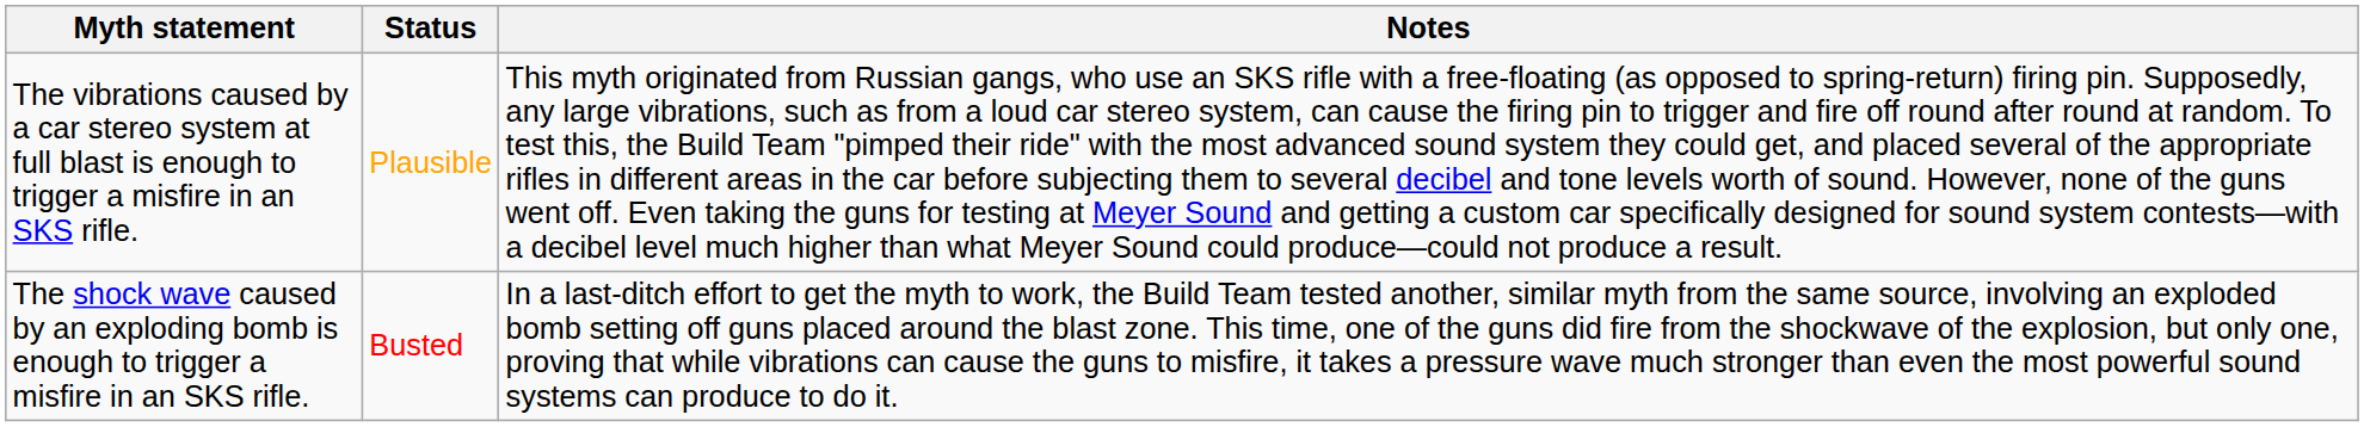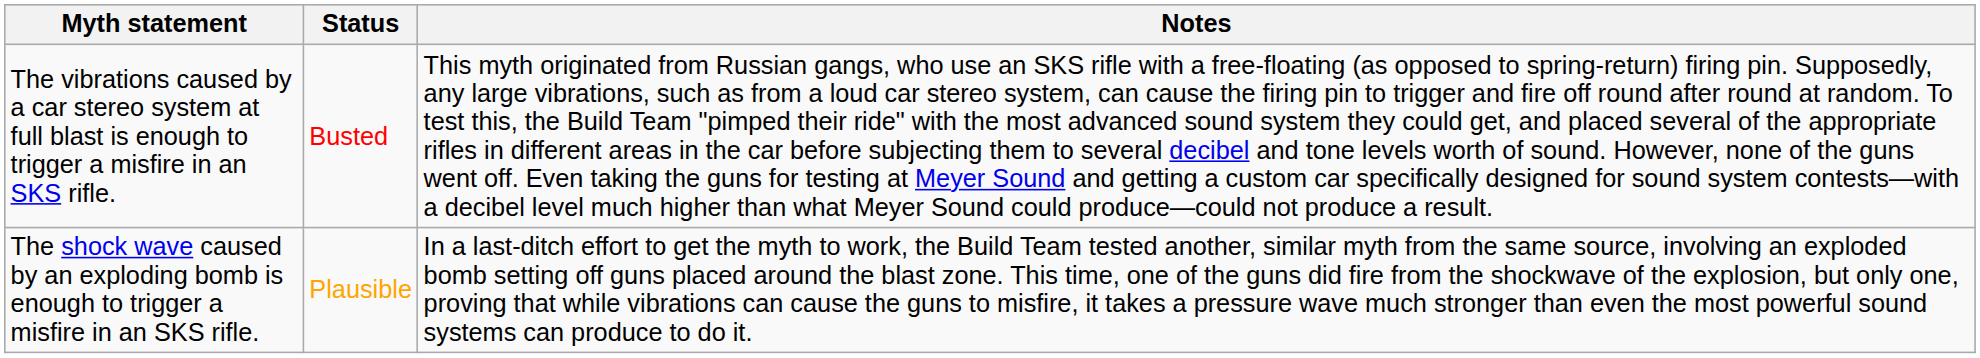 <table class="wikitable plainrowheaders">
 <tr>
 <th>Myth statement</th>
 <th>Status</th>
 <th>Notes</th>
 </tr>
 <tr>
 <td>The vibrations caused by a car stereo system at full blast is enough to trigger a misfire in an <a href='#'>SKS</a> rifle.</td>
-<td style="color:orange">Plausible</td>
+<td style="color:red">Busted</td>
 <td>This myth originated from Russian gangs, who use an SKS rifle with a free-floating (as opposed to spring-return) firing pin. Supposedly, any large vibrations, such as from a loud car stereo system, can cause the firing pin to trigger and fire off round after round at random. To test this, the Build Team "pimped their ride" with the most advanced sound system they could get, and placed several of the appropriate rifles in different areas in the car before subjecting them to several <a href='#'>decibel</a> and tone levels worth of sound. However, none of the guns went off. Even taking the guns for testing at <a href='#'>Meyer Sound</a> and getting a custom car specifically designed for sound system contests—with a decibel level much higher than what Meyer Sound could produce—could not produce a result.</td>
 </tr>
 <tr>
 <td>The <a href='#'>shock wave</a> caused by an exploding bomb is enough to trigger a misfire in an SKS rifle.</td>
-<td style="color:red">Busted</td>
+<td style="color:orange">Plausible</td>
 <td>In a last-ditch effort to get the myth to work, the Build Team tested another, similar myth from the same source, involving an exploded bomb setting off guns placed around the blast zone. This time, one of the guns did fire from the shockwave of the explosion, but only one, proving that while vibrations can cause the guns to misfire, it takes a pressure wave much stronger than even the most powerful sound systems can produce to do it.</td>
 </tr>
 </table>
